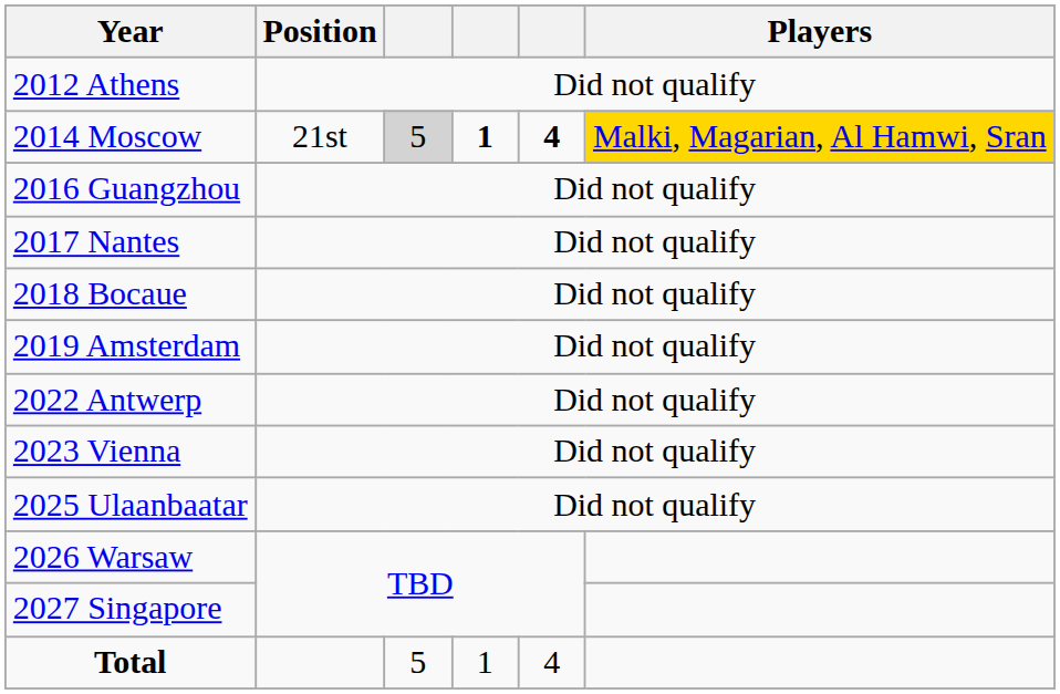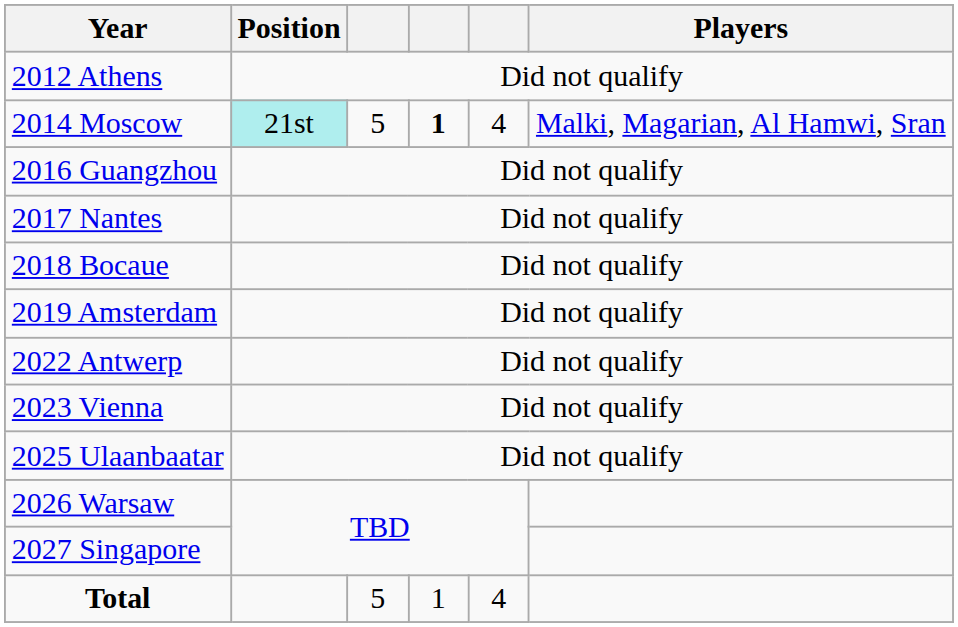 <table class="wikitable" style="text-align: center;">
 <tr>
 <th>Year</th>
 <th>Position</th>
 <th width=25px></th>
 <th width=25px></th>
 <th width=25px></th>
 <th>Players</th>
 </tr>
 <tr>
 <td style="text-align: left;"> <a href='#'>2012 Athens</a></td>
 <td colspan=5>Did not qualify</td>
 </tr>
 <tr>
 <td style="text-align: left;"> <a href='#'>2014 Moscow</a></td>
-<td>21st</td>
-<td style="background: lightgrey;">5</td>
+<td style="background: paleturquoise;">21st</td>
+<td>5</td>
 <td><strong>1</strong></td>
-<td><strong>4</strong></td>
-<td style="background: gold;"><a href='#'>Malki</a>, <a href='#'>Magarian</a>, <a href='#'>Al Hamwi</a>, <a href='#'>Sran</a></td>
+<td>4</td>
+<td><a href='#'>Malki</a>, <a href='#'>Magarian</a>, <a href='#'>Al Hamwi</a>, <a href='#'>Sran</a></td>
 </tr>
 <tr>
 <td style="text-align: left;"> <a href='#'>2016 Guangzhou</a></td>
 <td colspan=5>Did not qualify</td>
 </tr>
 <tr>
 <td style="text-align: left;"> <a href='#'>2017 Nantes</a></td>
 <td colspan=5>Did not qualify</td>
 </tr>
 <tr>
 <td style="text-align: left;"> <a href='#'>2018 Bocaue</a></td>
 <td colspan=5>Did not qualify</td>
 </tr>
 <tr>
 <td style="text-align: left;"> <a href='#'>2019 Amsterdam</a></td>
 <td colspan=5>Did not qualify</td>
 </tr>
 <tr>
 <td style="text-align: left;"> <a href='#'>2022 Antwerp</a></td>
 <td colspan=5>Did not qualify</td>
 </tr>
 <tr>
 <td style="text-align: left;"> <a href='#'>2023 Vienna</a></td>
 <td colspan=5>Did not qualify</td>
 </tr>
 <tr>
 <td style="text-align: left;"> <a href='#'>2025 Ulaanbaatar</a></td>
 <td colspan=5>Did not qualify</td>
 </tr>
 <tr>
 <td style="text-align: left;"> <a href='#'>2026 Warsaw</a></td>
 <td colspan=4 rowspan=2><a href='#'>TBD</a></td>
 <td></td>
 </tr>
 <tr>
 <td style="text-align: left;"> <a href='#'>2027 Singapore</a></td>
 <td></td>
 </tr>
 <tr>
 <td><strong>Total</strong></td>
 <td></td>
 <td>5</td>
 <td>1</td>
 <td>4</td>
 <td></td>
 </tr>
 </table>
